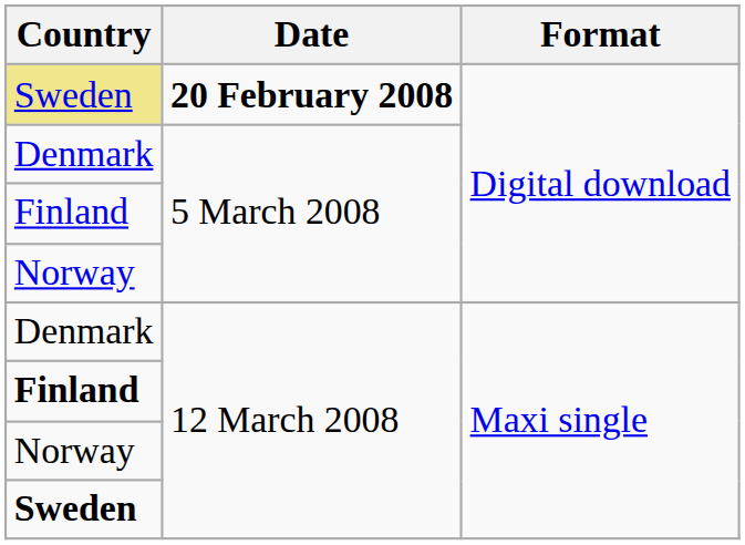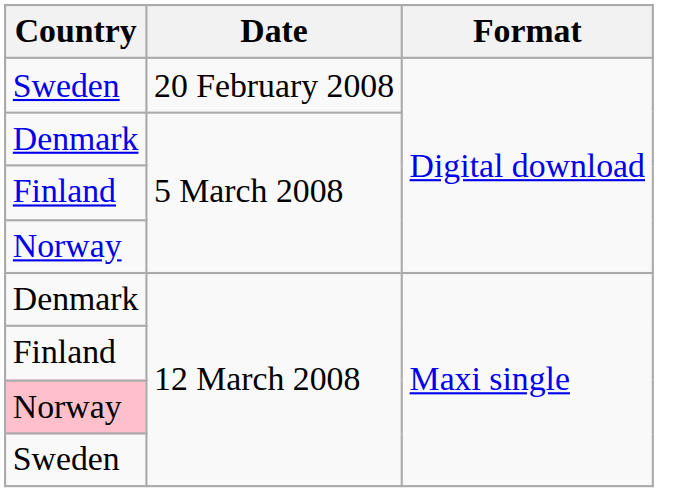 <table class="wikitable">
 <tr>
 <th>Country</th>
 <th>Date</th>
 <th>Format</th>
 </tr>
 <tr>
-<td style="background: khaki;"><a href='#'>Sweden</a></td>
-<td><strong>20 February 2008</strong></td>
+<td><a href='#'>Sweden</a></td>
+<td>20 February 2008</td>
 <td rowspan="4"><a href='#'>Digital download</a></td>
 </tr>
 <tr>
 <td><a href='#'>Denmark</a></td>
 <td rowspan="3">5 March 2008</td>
 </tr>
 <tr>
 <td><a href='#'>Finland</a></td>
 </tr>
 <tr>
 <td><a href='#'>Norway</a></td>
 </tr>
 <tr>
 <td>Denmark</td>
 <td rowspan="4">12 March 2008</td>
 <td rowspan="4"><a href='#'>Maxi single</a></td>
 </tr>
 <tr>
-<td><strong>Finland</strong></td>
+<td>Finland</td>
 </tr>
 <tr>
-<td>Norway</td>
+<td style="background: pink;">Norway</td>
 </tr>
 <tr>
-<td><strong>Sweden</strong></td>
+<td>Sweden</td>
 </tr>
 </table>
